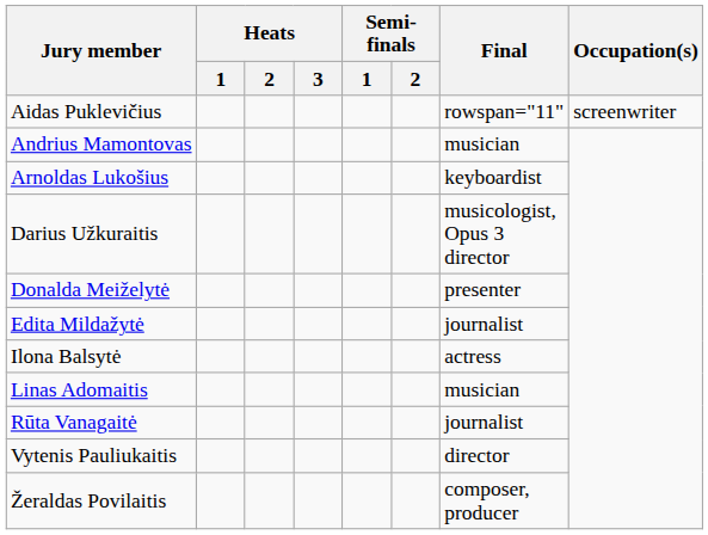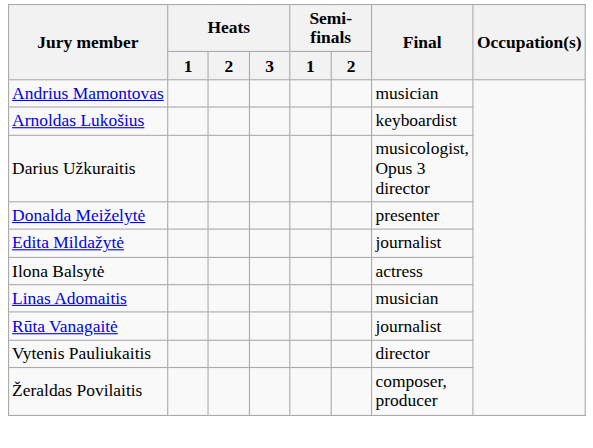 <table class="wikitable plainrowheaders" style="margin: 1em auto 1em auto; text-align:left;">
 <tr>
 <th rowspan="2"><strong>Jury member</strong></th>
 <th colspan="3">Heats</th>
 <th colspan="2">Semi-finals</th>
 <th rowspan="2" width="40">Final</th>
 <th rowspan="2">Occupation(s)</th>
 </tr>
 <tr>
 <th width="30">1</th>
 <th width="30">2</th>
 <th width="30">3</th>
 <th width="30">1</th>
 <th width="30">2</th>
-</tr>
-<tr>
-<td>Aidas Puklevičius</td>
-<td></td>
-<td></td>
-<td></td>
-<td></td>
-<td></td>
-<td>rowspan="11" </td>
-<td>screenwriter</td>
 </tr>
 <tr>
 <td><a href='#'>Andrius Mamontovas</a></td>
 <td></td>
 <td></td>
 <td></td>
 <td></td>
 <td></td>
 <td>musician</td>
 </tr>
 <tr>
 <td><a href='#'>Arnoldas Lukošius</a></td>
 <td></td>
 <td></td>
 <td></td>
 <td></td>
 <td></td>
 <td>keyboardist</td>
 </tr>
 <tr>
 <td>Darius Užkuraitis</td>
 <td></td>
 <td></td>
 <td></td>
 <td></td>
 <td></td>
 <td>musicologist, Opus 3 director</td>
 </tr>
 <tr>
 <td><a href='#'>Donalda Meiželytė</a></td>
 <td></td>
 <td></td>
 <td></td>
 <td></td>
 <td></td>
 <td>presenter</td>
 </tr>
 <tr>
 <td><a href='#'>Edita Mildažytė</a></td>
 <td></td>
 <td></td>
 <td></td>
 <td></td>
 <td></td>
 <td>journalist</td>
 </tr>
 <tr>
 <td>Ilona Balsytė</td>
 <td></td>
 <td></td>
 <td></td>
 <td></td>
 <td></td>
 <td>actress</td>
 </tr>
 <tr>
 <td><a href='#'>Linas Adomaitis</a></td>
 <td></td>
 <td></td>
 <td></td>
 <td></td>
 <td></td>
 <td>musician</td>
 </tr>
 <tr>
 <td><a href='#'>Rūta Vanagaitė</a></td>
 <td></td>
 <td></td>
 <td></td>
 <td></td>
 <td></td>
 <td>journalist</td>
 </tr>
 <tr>
 <td>Vytenis Pauliukaitis</td>
 <td></td>
 <td></td>
 <td></td>
 <td></td>
 <td></td>
 <td>director</td>
 </tr>
 <tr>
 <td>Žeraldas Povilaitis</td>
 <td></td>
 <td></td>
 <td></td>
 <td></td>
 <td></td>
 <td>composer, producer</td>
 </tr>
 </table>
